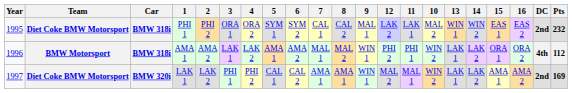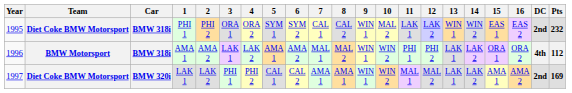 <table class="wikitable" style="text-align:center; font-size:85%">
 <tr>
 <th>Year</th>
 <th>Team</th>
 <th>Car</th>
 <th>1</th>
 <th>2</th>
 <th>3</th>
 <th>4</th>
 <th>5</th>
 <th>6</th>
 <th>7</th>
 <th>8</th>
 <th>9</th>
+<th>10</th>
+<th>11</th>
 <th>12</th>
-<th>11</th>
-<th>10</th>
 <th>13</th>
 <th>14</th>
 <th>15</th>
 <th>16</th>
 <th>DC</th>
 <th>Pts</th>
 </tr>
 <tr>
 <td><a href='#'>1995</a></td>
 <th nowrap><a href='#'>Diet Coke BMW Motorsport</a></th>
 <th nowrap><a href='#'>BMW 318i</a></th>
 <td style="background:#DFFFDF;"><a href='#'>PHI<br>1</a><br></td>
 <td style="background:#FFDF9F;"><a href='#'>PHI<br>2</a><br></td>
 <td style="background:#DFDFDF;"><a href='#'>ORA<br>1</a><br></td>
 <td style="background:#FFFFBF;"><a href='#'>ORA<br>2</a><br></td>
 <td style="background:#DFDFDF;"><a href='#'>SYM<br>1</a><br></td>
 <td style="background:#FFFFBF;"><a href='#'>SYM<br>2</a><br></td>
 <td style="background:#FFFFBF;"><a href='#'>CAL<br>1</a><br></td>
 <td style="background:#DFDFDF;"><a href='#'>CAL<br>2</a><br></td>
-<td style="background:#FFFFBF;"><a href='#'>MAL<br>1</a><br></td>
+<td style="background:#FFFFBF;"><a href='#'>WIN<br>1</a><br></td>
+<td style="background:#FFFFBF;"><a href='#'>MAL<br>2</a><br></td>
+<td style="background:#DFDFDF;"><a href='#'>LAK<br>1</a><br></td>
 <td style="background:#CFCFFF;"><a href='#'>LAK<br>2</a><br></td>
-<td style="background:#DFDFDF;"><a href='#'>LAK<br>1</a><br></td>
-<td style="background:#FFFFBF;"><a href='#'>MAL<br>2</a><br></td>
 <td style="background:#FFDF9F;"><a href='#'>WIN<br>1</a><br></td>
 <td style="background:#DFDFDF;"><a href='#'>WIN<br>2</a><br></td>
 <td style="background:#FFDF9F;"><a href='#'>EAS<br>1</a><br></td>
 <td style="background:#EFCFFF;"><a href='#'>EAS<br>2</a><br></td>
 <th style="background:#DFDFDF;">2nd</th>
 <th style="background:#DFDFDF;">232</th>
 </tr>
 <tr>
 <td><a href='#'>1996</a></td>
 <th nowrap><a href='#'>BMW Motorsport</a></th>
 <th nowrap><a href='#'>BMW 318i</a></th>
 <td style="background:#DFFFDF;"><a href='#'>AMA<br>1</a><br></td>
 <td style="background:#DFFFDF;"><a href='#'>AMA<br>2</a><br></td>
 <td style="background:#EFCFFF;"><a href='#'>LAK<br>1</a><br></td>
 <td style="background:#DFFFDF;"><a href='#'>LAK<br>2</a><br></td>
 <td style="background:#FFDF9F;"><a href='#'>AMA<br>1</a><br></td>
 <td style="background:#DFFFDF;"><a href='#'>AMA<br>2</a><br></td>
 <td style="background:#DFFFDF;"><a href='#'>MAL<br>1</a><br></td>
 <td style="background:#FFDF9F;"><a href='#'>MAL<br>2</a><br></td>
 <td style="background:#FFFFBF;"><a href='#'>WIN<br>1</a><br></td>
+<td style="background:#DFFFDF;"><a href='#'>WIN<br>2</a><br></td>
+<td style="background:#DFFFDF;"><a href='#'>PHI<br>1</a><br></td>
 <td style="background:#DFFFDF;"><a href='#'>PHI<br>2</a><br></td>
-<td style="background:#DFFFDF;"><a href='#'>PHI<br>1</a><br></td>
-<td style="background:#DFFFDF;"><a href='#'>WIN<br>2</a><br></td>
 <td style="background:#DFDFDF;"><a href='#'>LAK<br>1</a><br></td>
 <td style="background:#EFCFFF;"><a href='#'>LAK<br>2</a><br></td>
 <td style="background:#EFCFFF;"><a href='#'>ORA<br>1</a><br></td>
 <td style="background:#DFFFDF;"><a href='#'>ORA<br>2</a><br></td>
 <th>4th</th>
 <th>112</th>
 </tr>
 <tr>
 <td><a href='#'>1997</a></td>
 <th nowrap><a href='#'>Diet Coke BMW Motorsport</a></th>
 <th nowrap><a href='#'>BMW 320i</a></th>
 <td style="background:#DFDFDF;"><a href='#'>LAK<br>1</a><br></td>
 <td style="background:#DFDFDF;"><a href='#'>LAK<br>2</a><br></td>
 <td style="background:#DFFFDF;"><a href='#'>PHI<br>1</a><br></td>
 <td style="background:#FFFFBF;"><a href='#'>PHI<br>2</a><br></td>
 <td style="background:#DFDFDF;"><a href='#'>CAL<br>1</a><br></td>
 <td style="background:#FFFFBF;"><a href='#'>CAL<br>2</a><br></td>
 <td style="background:#DFFFDF;"><a href='#'>AMA<br>1</a><br></td>
 <td style="background:#FFDF9F;"><a href='#'>AMA<br>1</a><br></td>
 <td style="background:#DFFFDF;"><a href='#'>WIN<br>1</a><br></td>
+<td style="background:#FFDF9F;"><a href='#'>WIN<br>2</a><br></td>
+<td style="background:#EFCFFF;"><a href='#'>MAL<br>1</a><br></td>
 <td style="background:#DFDFDF;"><a href='#'>MAL<br>2</a><br></td>
-<td style="background:#EFCFFF;"><a href='#'>MAL<br>1</a><br></td>
-<td style="background:#FFDF9F;"><a href='#'>WIN<br>2</a><br></td>
 <td style="background:#DFDFDF;"><a href='#'>LAK<br>1</a><br></td>
 <td style="background:#DFDFDF;"><a href='#'>LAK<br>2</a><br></td>
 <td style="background:#FFFFBF;"><a href='#'>AMA<br>1</a><br></td>
 <td style="background:#FFDF9F;"><a href='#'>AMA<br>2</a><br></td>
 <th style="background:#DFDFDF;">2nd</th>
 <th style="background:#DFDFDF;">169</th>
 </tr>
 </table>
